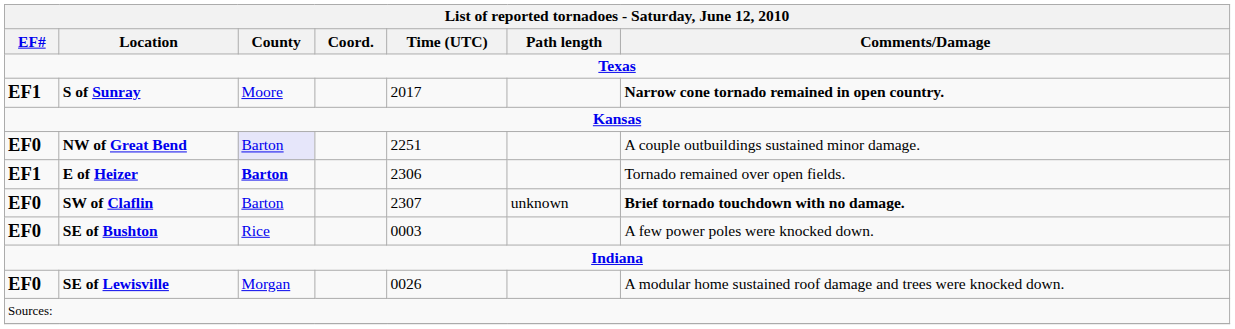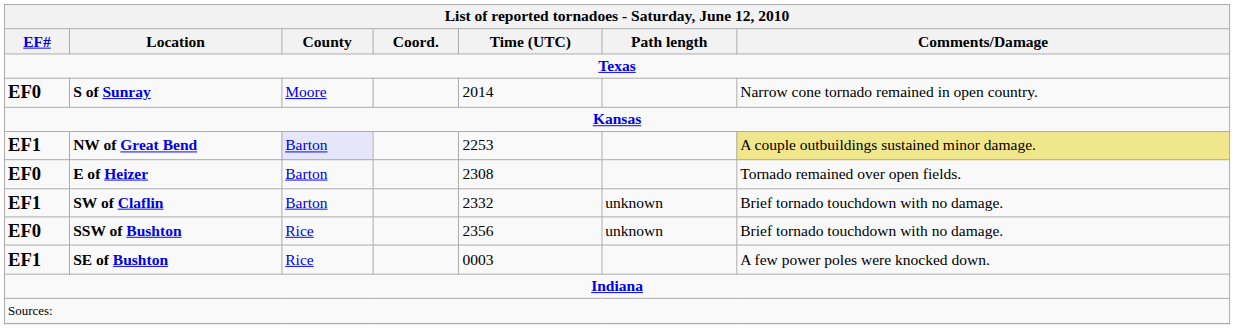 <table class="wikitable collapsible" width="100%">
 <tr>
 <th colspan="7">List of reported tornadoes - Saturday, June 12, 2010</th>
 </tr>
 <tr>
 <th><a href='#'>EF#</a></th>
 <th>Location</th>
 <th>County</th>
 <th>Coord.</th>
 <th>Time (UTC)</th>
 <th>Path length</th>
 <th>Comments/Damage</th>
 </tr>
 <tr>
 <td colspan="7" align=center><strong><a href='#'>Texas</a></strong></td>
 </tr>
 <tr>
-<td><big><strong>EF1</strong></big></td>
+<td><big><strong>EF0</strong></big></td>
 <td><strong>S of <a href='#'>Sunray</a></strong></td>
 <td><a href='#'>Moore</a></td>
 <td></td>
-<td>2017</td>
+<td>2014</td>
 <td></td>
-<td><strong>Narrow cone tornado remained in open country.</strong></td>
+<td>Narrow cone tornado remained in open country.</td>
 </tr>
 <tr>
 <td colspan="7" align=center><strong><a href='#'>Kansas</a></strong></td>
 </tr>
 <tr>
-<td><big><strong>EF0</strong></big></td>
+<td><big><strong>EF1</strong></big></td>
 <td><strong>NW of <a href='#'>Great Bend</a></strong></td>
 <td style="background: lavender;"><a href='#'>Barton</a></td>
 <td></td>
-<td>2251</td>
+<td>2253</td>
 <td></td>
-<td>A couple outbuildings sustained minor damage.</td>
+<td style="background: khaki;">A couple outbuildings sustained minor damage.</td>
 </tr>
 <tr>
-<td><big><strong>EF1</strong></big></td>
+<td><big><strong>EF0</strong></big></td>
 <td><strong>E of <a href='#'>Heizer</a></strong></td>
-<td><strong><a href='#'>Barton</a></strong></td>
+<td><a href='#'>Barton</a></td>
 <td></td>
-<td>2306</td>
+<td>2308</td>
 <td></td>
 <td>Tornado remained over open fields.</td>
 </tr>
 <tr>
-<td><big><strong>EF0</strong></big></td>
+<td><big><strong>EF1</strong></big></td>
 <td><strong>SW of <a href='#'>Claflin</a></strong></td>
 <td><a href='#'>Barton</a></td>
 <td></td>
-<td>2307</td>
+<td>2332</td>
 <td>unknown</td>
-<td><strong>Brief tornado touchdown with no damage.</strong></td>
+<td>Brief tornado touchdown with no damage.</td>
 </tr>
 <tr>
 <td><big><strong>EF0</strong></big></td>
+<td><strong>SSW of <a href='#'>Bushton</a></strong></td>
+<td><a href='#'>Rice</a></td>
+<td></td>
+<td>2356</td>
+<td>unknown</td>
+<td>Brief tornado touchdown with no damage.</td>
+</tr>
+<tr>
+<td><big><strong>EF1</strong></big></td>
 <td><strong>SE of <a href='#'>Bushton</a></strong></td>
 <td><a href='#'>Rice</a></td>
 <td></td>
 <td>0003</td>
 <td></td>
 <td>A few power poles were knocked down.</td>
 </tr>
 <tr>
 <td colspan="7" align=center><strong><a href='#'>Indiana</a></strong></td>
 </tr>
 <tr>
-<td><big><strong>EF0</strong></big></td>
-<td><strong>SE of <a href='#'>Lewisville</a></strong></td>
-<td><a href='#'>Morgan</a></td>
-<td></td>
-<td>0026</td>
-<td></td>
-<td>A modular home sustained roof damage and trees were knocked down.</td>
-</tr>
-<tr>
 <td colspan="7"><small>Sources: </small></td>
 </tr>
 <tr>
 </tr>
 </table>
